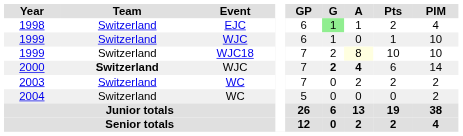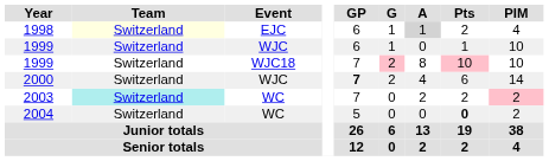 <table border="0" cellpadding="1" cellspacing="0" style="text-align:center; width:40em">
 <tr ALIGN="center" bgcolor="#e0e0e0">
 <th>Year</th>
 <th>Team</th>
 <th>Event</th>
 <th rowspan="99" bgcolor="#ffffff"> </th>
 <th>GP</th>
 <th>G</th>
 <th>A</th>
 <th>Pts</th>
 <th>PIM</th>
 </tr>
 <tr>
 <td><a href='#'>1998</a></td>
-<td><a href='#'>Switzerland</a></td>
+<td style="background: lightyellow;"><a href='#'>Switzerland</a></td>
 <td><a href='#'>EJC</a></td>
 <td>6</td>
-<td style="background: lightgreen;">1</td>
 <td>1</td>
+<td style="background: lightgrey;">1</td>
 <td>2</td>
 <td>4</td>
 </tr>
 <tr bgcolor="#f0f0f0">
 <td><a href='#'>1999</a></td>
 <td><a href='#'>Switzerland</a></td>
 <td><a href='#'>WJC</a></td>
 <td>6</td>
 <td>1</td>
 <td>0</td>
 <td>1</td>
 <td>10</td>
 </tr>
 <tr>
 <td><a href='#'>1999</a></td>
 <td>Switzerland</td>
 <td><a href='#'>WJC18</a></td>
 <td>7</td>
-<td>2</td>
-<td style="background: lightyellow;">8</td>
-<td>10</td>
+<td style="background: pink;">2</td>
+<td>8</td>
+<td style="background: pink;">10</td>
 <td>10</td>
 </tr>
 <tr bgcolor="#f0f0f0">
 <td><a href='#'>2000</a></td>
-<td><strong>Switzerland</strong></td>
+<td>Switzerland</td>
 <td>WJC</td>
-<td>7</td>
-<td><strong>2</strong></td>
-<td><strong>4</strong></td>
+<td><strong>7</strong></td>
+<td>2</td>
+<td>4</td>
 <td>6</td>
 <td>14</td>
 </tr>
 <tr>
 <td><a href='#'>2003</a></td>
-<td><a href='#'>Switzerland</a></td>
+<td style="background: paleturquoise;"><a href='#'>Switzerland</a></td>
 <td><a href='#'>WC</a></td>
 <td>7</td>
 <td>0</td>
 <td>2</td>
 <td>2</td>
-<td>2</td>
+<td style="background: pink;">2</td>
 </tr>
 <tr bgcolor="#f0f0f0">
 <td><a href='#'>2004</a></td>
 <td>Switzerland</td>
 <td>WC</td>
 <td>5</td>
 <td>0</td>
 <td>0</td>
-<td>0</td>
+<td><strong>0</strong></td>
 <td>2</td>
 </tr>
 <tr bgcolor="#e0e0e0">
 <th colspan=3>Junior totals</th>
 <th>26</th>
 <th>6</th>
 <th>13</th>
 <th>19</th>
 <th>38</th>
 </tr>
 <tr bgcolor="#e0e0e0">
 <th colspan=3>Senior totals</th>
 <th>12</th>
 <th>0</th>
 <th>2</th>
 <th>2</th>
 <th>4</th>
 </tr>
 </table>
